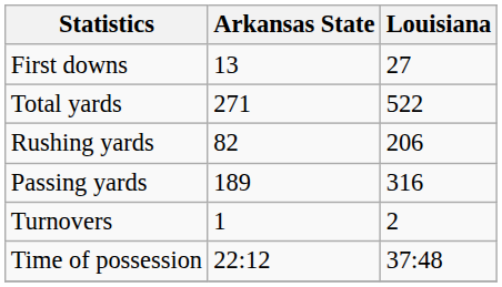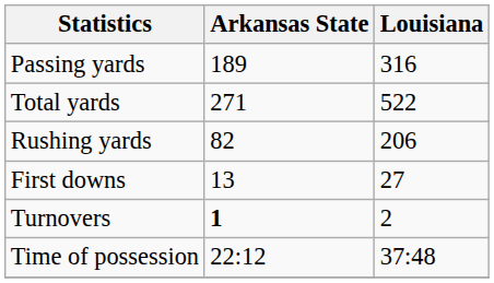 <table class="wikitable">
 <tr>
 <th>Statistics</th>
 <th>Arkansas State</th>
 <th>Louisiana</th>
 </tr>
 <tr>
-<td>First downs</td>
-<td>13</td>
-<td>27</td>
+<td>Passing yards</td>
+<td>189</td>
+<td>316</td>
 </tr>
 <tr>
 <td>Total yards</td>
 <td>271</td>
 <td>522</td>
 </tr>
 <tr>
 <td>Rushing yards</td>
 <td>82</td>
 <td>206</td>
 </tr>
 <tr>
-<td>Passing yards</td>
-<td>189</td>
-<td>316</td>
+<td>First downs</td>
+<td>13</td>
+<td>27</td>
 </tr>
 <tr>
 <td>Turnovers</td>
-<td>1</td>
+<td><strong>1</strong></td>
 <td>2</td>
 </tr>
 <tr>
 <td>Time of possession</td>
 <td>22:12</td>
 <td>37:48</td>
 </tr>
 <tr>
 </tr>
 </table>
